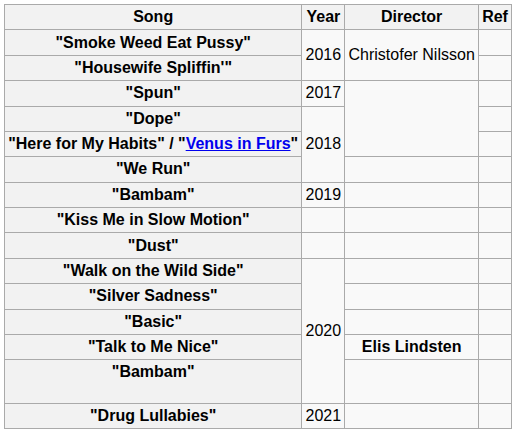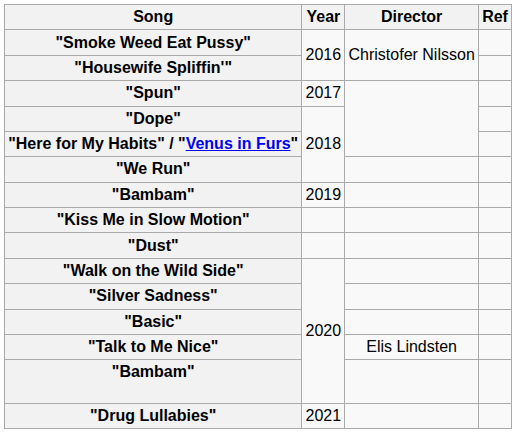 <table class="wikitable plainrowheaders" style="text-align:center;">
 <tr>
 <th scope="col">Song</th>
 <th scope="col">Year</th>
 <th scope="col">Director</th>
 <th scope="col">Ref</th>
 </tr>
 <tr>
 <th scope="row">"Smoke Weed Eat Pussy"</th>
 <td rowspan="2">2016</td>
 <td rowspan="2">Christofer Nilsson</td>
 <td></td>
 </tr>
 <tr>
 <th scope="row">"Housewife Spliffin'"</th>
 <td></td>
 </tr>
 <tr>
 <th scope="row">"Spun"</th>
 <td>2017</td>
 <td rowspan="3"></td>
 <td></td>
 </tr>
 <tr>
 <th scope="row">"Dope"</th>
 <td rowspan="3">2018</td>
 <td></td>
 </tr>
 <tr>
 <th scope="row">"Here for My Habits" / "<a href='#'>Venus in Furs</a>"</th>
 <td></td>
 </tr>
 <tr>
 <th scope="row">"We Run"</th>
 <td></td>
 <td></td>
 </tr>
 <tr>
 <th scope="row">"Bambam"</th>
 <td>2019</td>
 <td></td>
 <td></td>
 </tr>
 <tr>
 <th scope="row">"Kiss Me in Slow Motion"</th>
 <td></td>
 <td></td>
 <td></td>
 </tr>
 <tr>
 <th scope="row">"Dust"</th>
 <td></td>
 <td></td>
 <td></td>
 </tr>
 <tr>
 <th scope="row">"Walk on the Wild Side"</th>
 <td rowspan="5">2020</td>
 <td></td>
 <td></td>
 </tr>
 <tr>
 <th scope="row">"Silver Sadness"</th>
 <td></td>
 <td></td>
 </tr>
 <tr>
 <th scope="row">"Basic"</th>
 <td></td>
 <td></td>
 </tr>
 <tr>
 <th scope="row">"Talk to Me Nice"</th>
-<td><strong>Elis Lindsten</strong></td>
+<td>Elis Lindsten</td>
 <td></td>
 </tr>
 <tr>
 <th scope="row">"Bambam"<br><br></th>
 <td></td>
 <td></td>
 </tr>
 <tr>
 <th scope="row">"Drug Lullabies"</th>
 <td>2021</td>
 <td></td>
 <td></td>
 </tr>
 </table>
